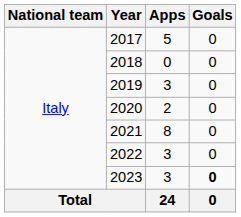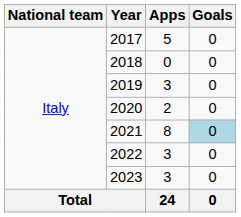 <table class="wikitable" style="text-align:center">
 <tr>
 <th>National team</th>
 <th>Year</th>
 <th>Apps</th>
 <th>Goals</th>
 </tr>
 <tr>
 <td rowspan="7"><a href='#'>Italy</a></td>
 <td>2017</td>
 <td>5</td>
 <td>0</td>
 </tr>
 <tr>
 <td>2018</td>
 <td>0</td>
 <td>0</td>
 </tr>
 <tr>
 <td>2019</td>
 <td>3</td>
 <td>0</td>
 </tr>
 <tr>
 <td>2020</td>
 <td>2</td>
 <td>0</td>
 </tr>
 <tr>
 <td>2021</td>
 <td>8</td>
-<td>0</td>
+<td style="background: lightblue;">0</td>
 </tr>
 <tr>
 <td>2022</td>
 <td>3</td>
 <td>0</td>
 </tr>
 <tr>
 <td>2023</td>
 <td>3</td>
-<td><strong>0</strong></td>
+<td>0</td>
 </tr>
 <tr>
 <th colspan="2">Total</th>
 <th>24</th>
 <th>0</th>
 </tr>
 </table>
